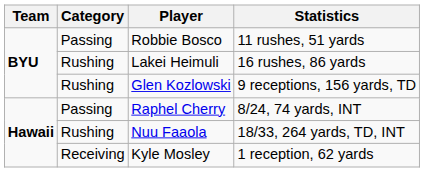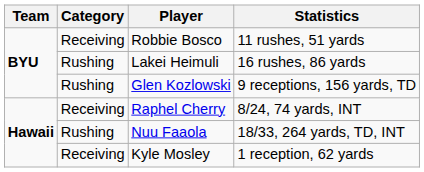 <table class="wikitable" style="float: left;">
 <tr>
 <th>Team</th>
 <th>Category</th>
 <th>Player</th>
 <th>Statistics</th>
 </tr>
 <tr>
 <td rowspan=3><strong>BYU</strong></td>
-<td>Passing</td>
+<td>Receiving</td>
 <td>Robbie Bosco</td>
 <td>11 rushes, 51 yards</td>
 </tr>
 <tr>
 <td>Rushing</td>
 <td>Lakei Heimuli</td>
 <td>16 rushes, 86 yards</td>
 </tr>
 <tr>
 <td>Rushing</td>
 <td><a href='#'>Glen Kozlowski</a></td>
 <td>9 receptions, 156 yards, TD</td>
 </tr>
 <tr>
 <td rowspan=3><strong>Hawaii</strong></td>
-<td>Passing</td>
+<td>Receiving</td>
 <td><a href='#'>Raphel Cherry</a></td>
 <td>8/24, 74 yards, INT</td>
 </tr>
 <tr>
 <td>Rushing</td>
 <td><a href='#'>Nuu Faaola</a></td>
 <td>18/33, 264 yards, TD, INT</td>
 </tr>
 <tr>
 <td>Receiving</td>
 <td>Kyle Mosley</td>
 <td>1 reception, 62 yards</td>
 </tr>
 </table>
